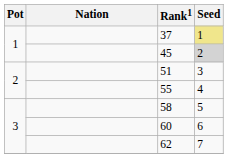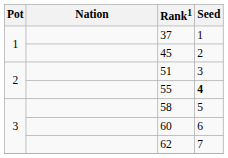 <table class="wikitable">
 <tr>
 <th>Pot</th>
 <th width="175">Nation</th>
 <th>Rank<sup>1</sup></th>
 <th>Seed</th>
 </tr>
 <tr>
 <td rowspan=2 style="text-align:center;">1</td>
 <td></td>
 <td>37</td>
-<td style="background: khaki;">1</td>
+<td>1</td>
 </tr>
 <tr>
 <td></td>
 <td>45</td>
-<td style="background: lightgrey;">2</td>
+<td>2</td>
 </tr>
 <tr>
 <td rowspan=2 style="text-align:center;">2</td>
 <td></td>
 <td>51</td>
 <td>3</td>
 </tr>
 <tr>
 <td></td>
 <td>55</td>
-<td>4</td>
+<td><strong>4</strong></td>
 </tr>
 <tr>
 <td rowspan=3 style="text-align:center;">3</td>
 <td></td>
 <td>58</td>
 <td>5</td>
 </tr>
 <tr>
 <td></td>
 <td>60</td>
 <td>6</td>
 </tr>
 <tr>
 <td></td>
 <td>62</td>
 <td>7</td>
 </tr>
 <tr>
 </tr>
 </table>
